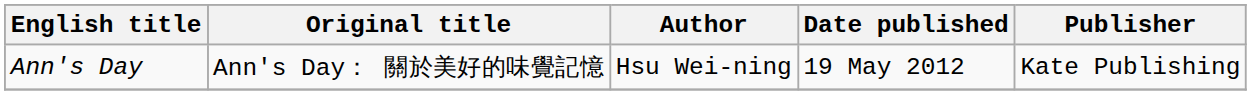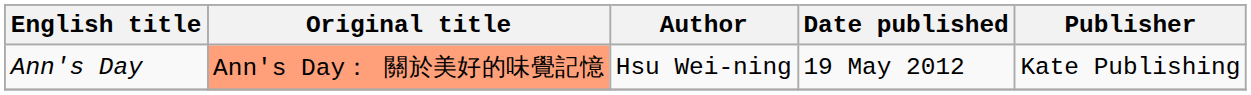 <table class="wikitable">
 <tr>
 <th>English title</th>
 <th>Original title</th>
 <th>Author</th>
 <th>Date published</th>
 <th>Publisher</th>
 </tr>
 <tr>
 <td><em>Ann's Day</em></td>
-<td>Ann's Day： 關於美好的味覺記憶</td>
+<td style="background: lightsalmon;">Ann's Day： 關於美好的味覺記憶</td>
 <td>Hsu Wei-ning</td>
 <td>19 May 2012</td>
 <td>Kate Publishing</td>
 </tr>
 <tr>
 </tr>
 </table>
